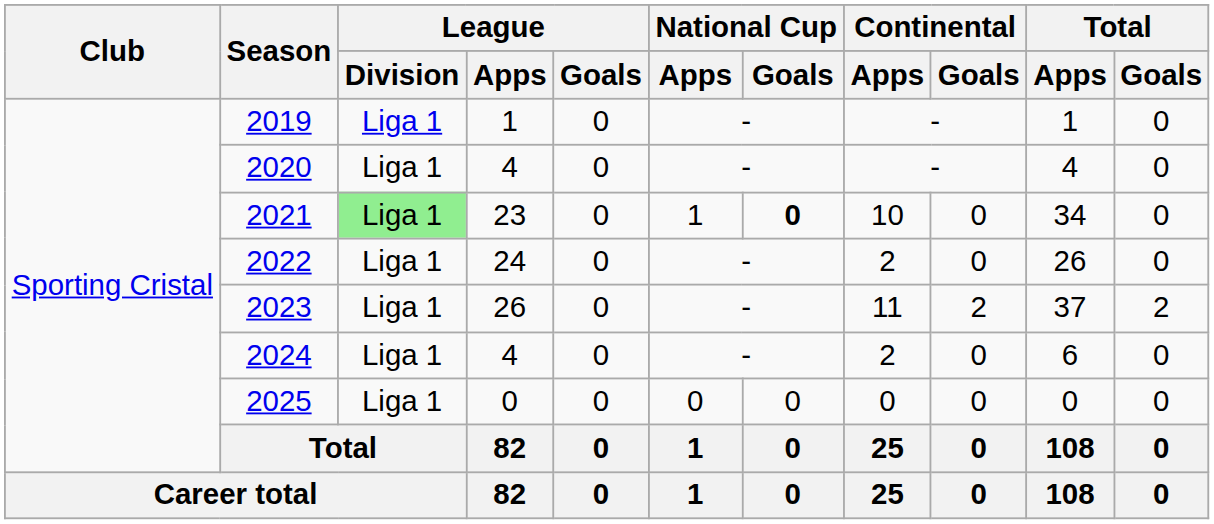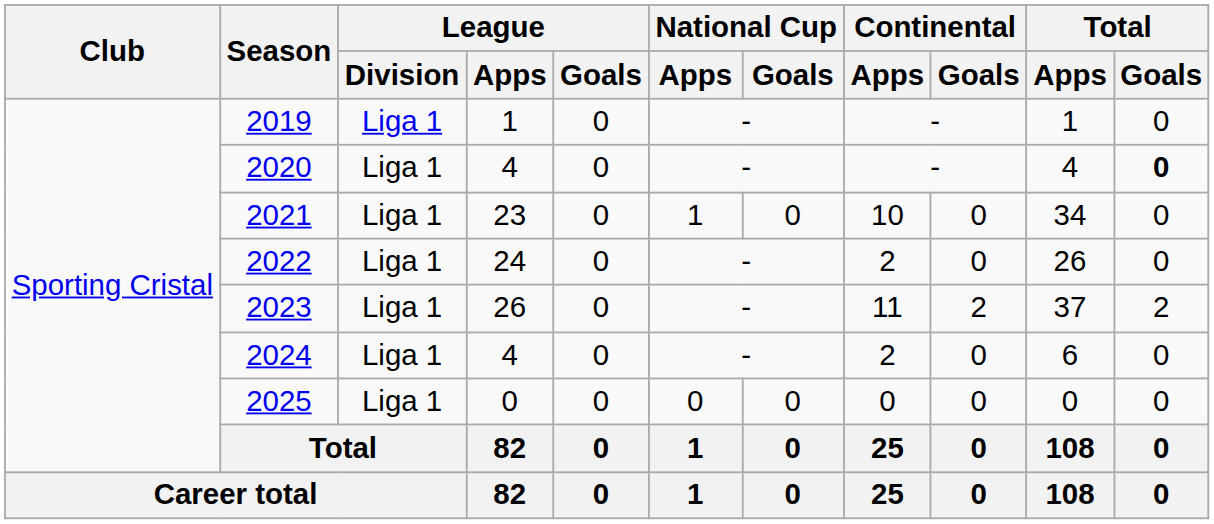 <table class="wikitable" style="text-align:center">
 <tr>
 <th rowspan="2">Club</th>
 <th rowspan="2">Season</th>
 <th colspan="3">League</th>
 <th colspan="2">National Cup</th>
 <th colspan="2">Continental</th>
 <th colspan="2">Total</th>
 </tr>
 <tr>
 <th>Division</th>
 <th>Apps</th>
 <th>Goals</th>
 <th>Apps</th>
 <th>Goals</th>
 <th>Apps</th>
 <th>Goals</th>
 <th>Apps</th>
 <th>Goals</th>
 </tr>
 <tr>
 <td rowspan="8"><a href='#'>Sporting Cristal</a></td>
 <td><a href='#'>2019</a></td>
 <td><a href='#'>Liga 1</a></td>
 <td>1</td>
 <td>0</td>
 <td colspan="2">-</td>
 <td colspan="2">-</td>
 <td>1</td>
 <td>0</td>
 </tr>
 <tr>
 <td><a href='#'>2020</a></td>
 <td>Liga 1</td>
 <td>4</td>
 <td>0</td>
 <td colspan="2">-</td>
 <td colspan="2">-</td>
 <td>4</td>
-<td>0</td>
+<td><strong>0</strong></td>
 </tr>
 <tr>
 <td><a href='#'>2021</a></td>
-<td style="background: lightgreen;">Liga 1</td>
+<td>Liga 1</td>
 <td>23</td>
 <td>0</td>
 <td>1</td>
-<td><strong>0</strong></td>
+<td>0</td>
 <td>10</td>
 <td>0</td>
 <td>34</td>
 <td>0</td>
 </tr>
 <tr>
 <td><a href='#'>2022</a></td>
 <td>Liga 1</td>
 <td>24</td>
 <td>0</td>
 <td colspan="2">-</td>
 <td>2</td>
 <td>0</td>
 <td>26</td>
 <td>0</td>
 </tr>
 <tr>
 <td><a href='#'>2023</a></td>
 <td>Liga 1</td>
 <td>26</td>
 <td>0</td>
 <td colspan="2">-</td>
 <td>11</td>
 <td>2</td>
 <td>37</td>
 <td>2</td>
 </tr>
 <tr>
 <td><a href='#'>2024</a></td>
 <td>Liga 1</td>
 <td>4</td>
 <td>0</td>
 <td colspan="2">-</td>
 <td>2</td>
 <td>0</td>
 <td>6</td>
 <td>0</td>
 </tr>
 <tr>
 <td><a href='#'>2025</a></td>
 <td>Liga 1</td>
 <td>0</td>
 <td>0</td>
 <td>0</td>
 <td>0</td>
 <td>0</td>
 <td>0</td>
 <td>0</td>
 <td>0</td>
 </tr>
 <tr>
 <th colspan="2">Total</th>
 <th>82</th>
 <th>0</th>
 <th>1</th>
 <th>0</th>
 <th>25</th>
 <th>0</th>
 <th>108</th>
 <th>0</th>
 </tr>
 <tr>
 <th colspan="3">Career total</th>
 <th>82</th>
 <th>0</th>
 <th>1</th>
 <th>0</th>
 <th>25</th>
 <th>0</th>
 <th>108</th>
 <th>0</th>
 </tr>
 </table>
